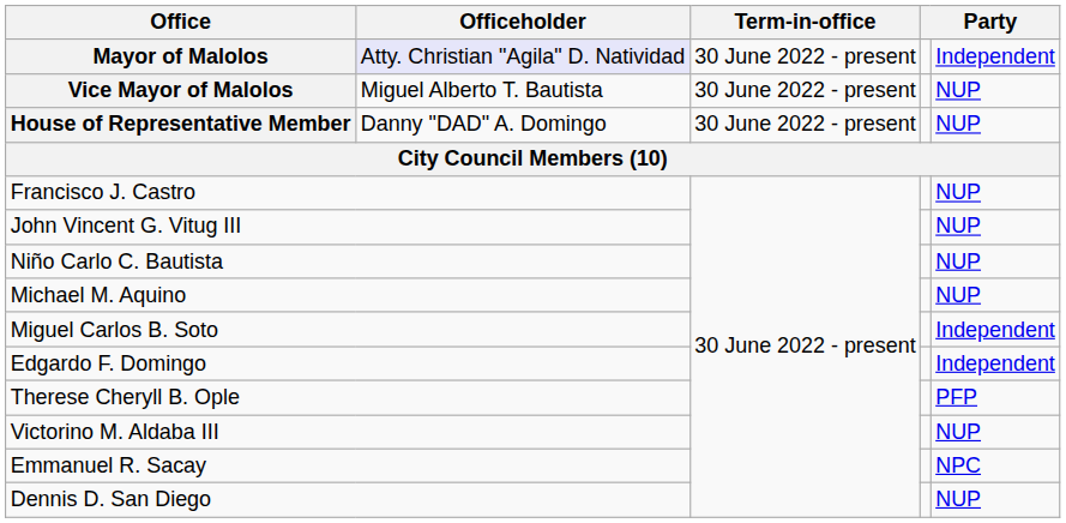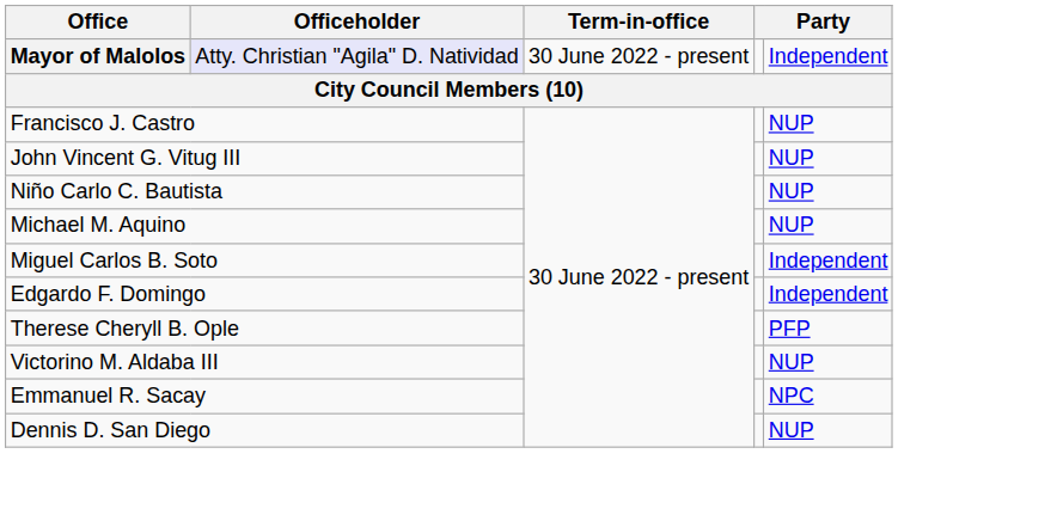 <table class="wikitable">
 <tr>
 <th>Office</th>
 <th>Officeholder</th>
 <th>Term-in-office</th>
 <th colspan="2">Party</th>
 </tr>
 <tr>
 <th>Mayor of Malolos</th>
 <td style="background: lavender;">Atty. Christian "Agila" D. Natividad</td>
 <td>30 June 2022 - present</td>
 <td style="background:"></td>
 <td><a href='#'>Independent</a></td>
-</tr>
-<tr>
-<th>Vice Mayor of Malolos</th>
-<td>Miguel Alberto T. Bautista</td>
-<td>30 June 2022 - present</td>
-<td style="background:"></td>
-<td><a href='#'>NUP</a></td>
-</tr>
-<tr>
-<th>House of Representative Member</th>
-<td>Danny "DAD" A. Domingo</td>
-<td>30 June 2022 - present</td>
-<td style="background:"></td>
-<td><a href='#'>NUP</a></td>
 </tr>
 <tr>
 <th colspan="5">City Council Members (10)</th>
 </tr>
 <tr>
 <td colspan="2">Francisco J. Castro</td>
 <td rowspan="10">30 June 2022 - present</td>
 <td style="background:"></td>
 <td><a href='#'>NUP</a></td>
 </tr>
 <tr>
 <td colspan="2">John Vincent G. Vitug III</td>
 <td style="background:"></td>
 <td><a href='#'>NUP</a></td>
 </tr>
 <tr>
 <td colspan="2">Niño Carlo C. Bautista</td>
 <td style="background:"></td>
 <td><a href='#'>NUP</a></td>
 </tr>
 <tr>
 <td colspan="2">Michael M. Aquino</td>
 <td style="background:"></td>
 <td><a href='#'>NUP</a></td>
 </tr>
 <tr>
 <td colspan="2">Miguel Carlos B. Soto</td>
 <td style="background:"></td>
 <td><a href='#'>Independent</a></td>
 </tr>
 <tr>
 <td colspan="2">Edgardo F. Domingo</td>
 <td style="background:"></td>
 <td><a href='#'>Independent</a></td>
 </tr>
 <tr>
 <td colspan="2">Therese Cheryll B. Ople</td>
 <td style="background:"></td>
 <td><a href='#'>PFP</a></td>
 </tr>
 <tr>
 <td colspan="2">Victorino M. Aldaba III</td>
 <td style="background:"></td>
 <td><a href='#'>NUP</a></td>
 </tr>
 <tr>
 <td colspan="2">Emmanuel R. Sacay</td>
 <td style="background:"></td>
 <td><a href='#'>NPC</a></td>
 </tr>
 <tr>
 <td colspan="2">Dennis D. San Diego</td>
 <td style="background:"></td>
 <td><a href='#'>NUP</a></td>
 </tr>
 </table>
